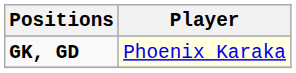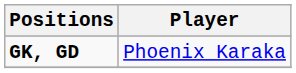 <table class="wikitable collapsible">
 <tr>
 <th>Positions</th>
 <th>Player</th>
 </tr>
 <tr>
 <td><strong>GK, GD</strong></td>
-<td style="background: lightyellow;"><a href='#'>Phoenix Karaka</a></td>
+<td><a href='#'>Phoenix Karaka</a></td>
 </tr>
 <tr>
 </tr>
 </table>
